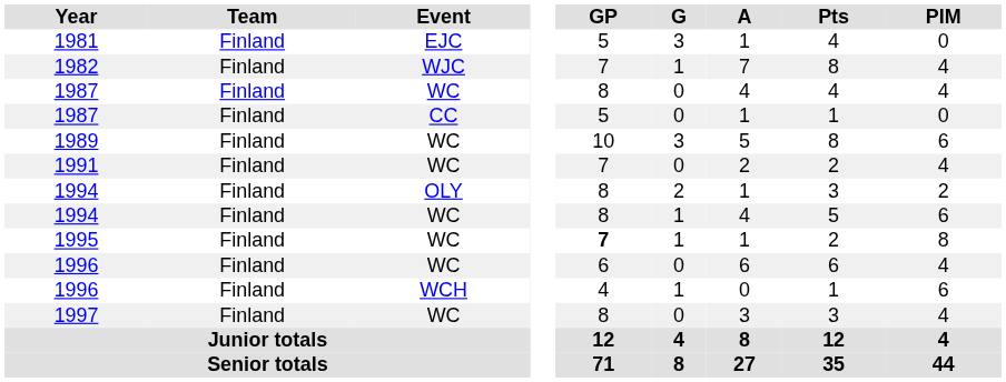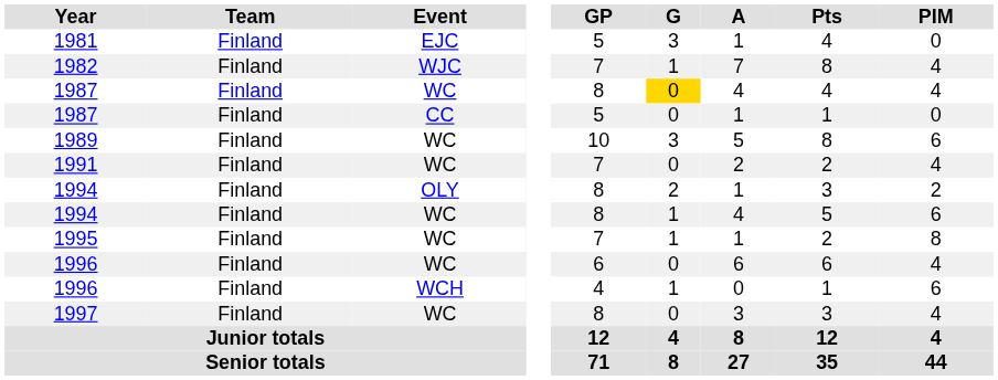 <table border="0" cellpadding="1" cellspacing="0" style="text-align:center; width:50em">
 <tr ALIGN="center" bgcolor="#e0e0e0">
 <th>Year</th>
 <th>Team</th>
 <th>Event</th>
 <th rowspan="99" bgcolor="#ffffff"> </th>
 <th>GP</th>
 <th>G</th>
 <th>A</th>
 <th>Pts</th>
 <th>PIM</th>
 </tr>
 <tr>
 <td><a href='#'>1981</a></td>
 <td><a href='#'>Finland</a></td>
 <td><a href='#'>EJC</a></td>
 <td>5</td>
 <td>3</td>
 <td>1</td>
 <td>4</td>
 <td>0</td>
 </tr>
 <tr bgcolor="#f0f0f0">
 <td><a href='#'>1982</a></td>
 <td>Finland</td>
 <td><a href='#'>WJC</a></td>
 <td>7</td>
 <td>1</td>
 <td>7</td>
 <td>8</td>
 <td>4</td>
 </tr>
 <tr>
 <td><a href='#'>1987</a></td>
 <td><a href='#'>Finland</a></td>
 <td><a href='#'>WC</a></td>
 <td>8</td>
-<td>0</td>
+<td style="background: gold;">0</td>
 <td>4</td>
 <td>4</td>
 <td>4</td>
 </tr>
 <tr bgcolor="#f0f0f0">
 <td><a href='#'>1987</a></td>
 <td>Finland</td>
 <td><a href='#'>CC</a></td>
 <td>5</td>
 <td>0</td>
 <td>1</td>
 <td>1</td>
 <td>0</td>
 </tr>
 <tr>
 <td><a href='#'>1989</a></td>
 <td>Finland</td>
 <td>WC</td>
 <td>10</td>
 <td>3</td>
 <td>5</td>
 <td>8</td>
 <td>6</td>
 </tr>
 <tr bgcolor="#f0f0f0">
 <td><a href='#'>1991</a></td>
 <td>Finland</td>
 <td>WC</td>
 <td>7</td>
 <td>0</td>
 <td>2</td>
 <td>2</td>
 <td>4</td>
 </tr>
 <tr>
 <td><a href='#'>1994</a></td>
 <td>Finland</td>
 <td><a href='#'>OLY</a></td>
 <td>8</td>
 <td>2</td>
 <td>1</td>
 <td>3</td>
 <td>2</td>
 </tr>
 <tr bgcolor="#f0f0f0">
 <td><a href='#'>1994</a></td>
 <td>Finland</td>
 <td>WC</td>
 <td>8</td>
 <td>1</td>
 <td>4</td>
 <td>5</td>
 <td>6</td>
 </tr>
 <tr>
 <td><a href='#'>1995</a></td>
 <td>Finland</td>
 <td>WC</td>
-<td><strong>7</strong></td>
+<td>7</td>
 <td>1</td>
 <td>1</td>
 <td>2</td>
 <td>8</td>
 </tr>
 <tr bgcolor="#f0f0f0">
 <td><a href='#'>1996</a></td>
 <td>Finland</td>
 <td>WC</td>
 <td>6</td>
 <td>0</td>
 <td>6</td>
 <td>6</td>
 <td>4</td>
 </tr>
 <tr>
 <td><a href='#'>1996</a></td>
 <td>Finland</td>
 <td><a href='#'>WCH</a></td>
 <td>4</td>
 <td>1</td>
 <td>0</td>
 <td>1</td>
 <td>6</td>
 </tr>
 <tr bgcolor="#f0f0f0">
 <td><a href='#'>1997</a></td>
 <td>Finland</td>
 <td>WC</td>
 <td>8</td>
 <td>0</td>
 <td>3</td>
 <td>3</td>
 <td>4</td>
 </tr>
 <tr bgcolor="#e0e0e0">
 <th colspan=3>Junior totals</th>
 <th>12</th>
 <th>4</th>
 <th>8</th>
 <th>12</th>
 <th>4</th>
 </tr>
 <tr bgcolor="#e0e0e0">
 <th colspan=3>Senior totals</th>
 <th>71</th>
 <th>8</th>
 <th>27</th>
 <th>35</th>
 <th>44</th>
 </tr>
 </table>
